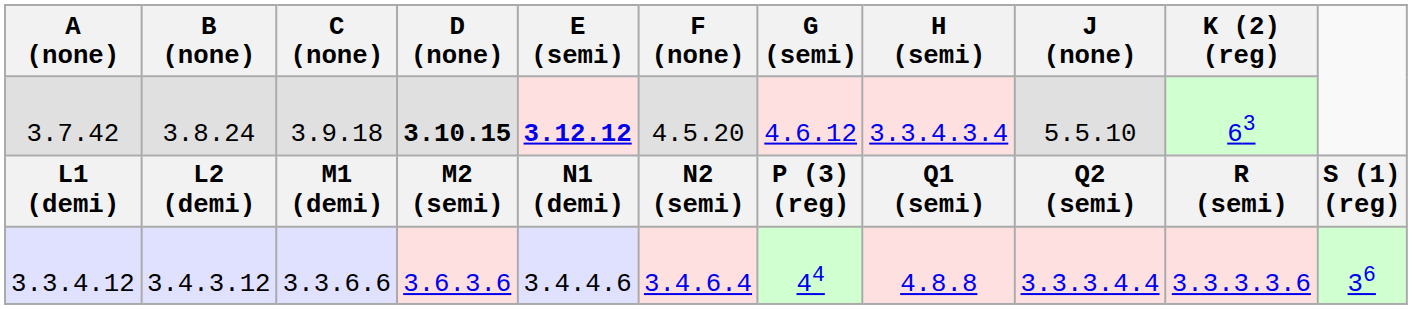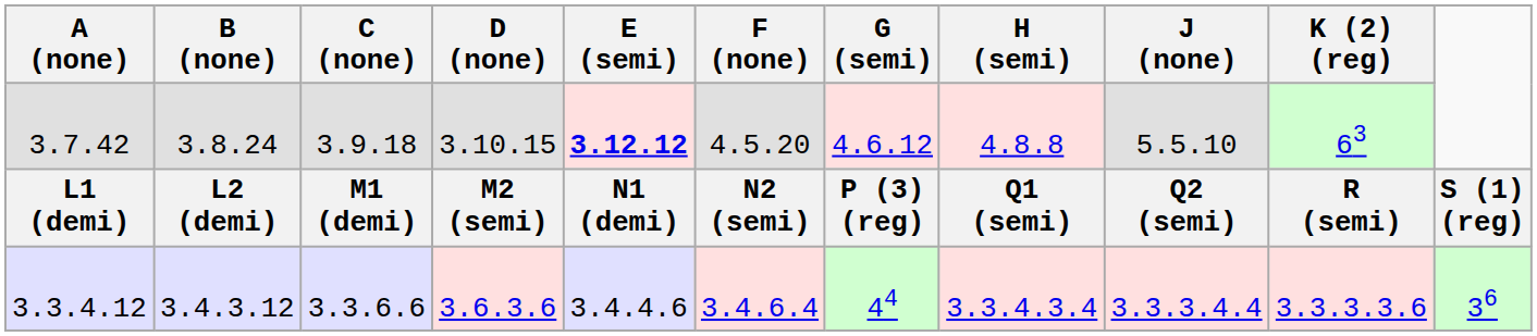 <table class=wikitable>
 <tr>
 <th>A<br>(none)</th>
 <th>B<br>(none)</th>
 <th>C<br>(none)</th>
 <th>D<br>(none)</th>
 <th>E<br>(semi)</th>
 <th>F<br>(none)</th>
 <th>G<br>(semi)</th>
 <th>H<br>(semi)</th>
 <th>J<br>(none)</th>
 <th>K (2)<br>(reg)</th>
 </tr>
 <tr align=center valign=bottom>
 <td BGCOLOR="#e0e0e0"><br>3.7.42</td>
 <td BGCOLOR="#e0e0e0"><br>3.8.24</td>
 <td BGCOLOR="#e0e0e0"><br>3.9.18</td>
-<td BGCOLOR="#e0e0e0"><strong><br>3.10.15</strong></td>
+<td BGCOLOR="#e0e0e0"><br>3.10.15</td>
 <td BGCOLOR="#ffe0e0"><strong><br><a href='#'>3.12.12</a></strong></td>
 <td BGCOLOR="#e0e0e0"><br>4.5.20</td>
 <td BGCOLOR="#ffe0e0"><br><a href='#'>4.6.12</a></td>
-<td BGCOLOR="#ffe0e0"><br><a href='#'>3.3.4.3.4</a></td>
+<td BGCOLOR="#ffe0e0"><br><a href='#'>4.8.8</a></td>
 <td BGCOLOR="#e0e0e0"><br>5.5.10</td>
 <td BGCOLOR="#d0ffd0"><br><a href='#'>6<sup>3</sup></a></td>
 </tr>
 <tr>
 <th>L1<br>(demi)</th>
 <th>L2<br>(demi)</th>
 <th>M1<br>(demi)</th>
 <th>M2<br>(semi)</th>
 <th>N1<br>(demi)</th>
 <th>N2<br>(semi)</th>
 <th>P (3)<br>(reg)</th>
 <th>Q1<br>(semi)</th>
 <th>Q2<br>(semi)</th>
 <th>R<br>(semi)</th>
 <th>S (1)<br>(reg)</th>
 </tr>
 <tr align=center valign=bottom>
 <td BGCOLOR="#e0e0ff"><br>3.3.4.12</td>
 <td BGCOLOR="#e0e0ff"><br>3.4.3.12</td>
 <td BGCOLOR="#e0e0ff"><br>3.3.6.6</td>
 <td BGCOLOR="#ffe0e0"><br><a href='#'>3.6.3.6</a></td>
 <td BGCOLOR="#e0e0ff"><br>3.4.4.6</td>
 <td BGCOLOR="#ffe0e0"><br><a href='#'>3.4.6.4</a></td>
 <td BGCOLOR="#d0ffd0"><br><a href='#'>4<sup>4</sup></a></td>
-<td BGCOLOR="#ffe0e0"><br><a href='#'>4.8.8</a></td>
+<td BGCOLOR="#ffe0e0"><br><a href='#'>3.3.4.3.4</a></td>
 <td BGCOLOR="#ffe0e0"><br><a href='#'>3.3.3.4.4</a></td>
 <td BGCOLOR="#ffe0e0"><br><a href='#'>3.3.3.3.6</a></td>
 <td BGCOLOR="#d0ffd0"><br><a href='#'>3<sup>6</sup></a></td>
 </tr>
 </table>
